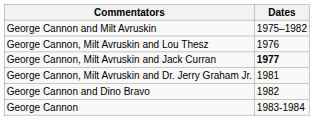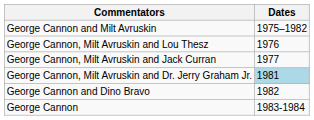 <table class="wikitable" style="font-size:95%;">
 <tr>
 <th>Commentators</th>
 <th>Dates</th>
 </tr>
 <tr>
 <td>George Cannon and Milt Avruskin</td>
 <td>1975–1982</td>
 </tr>
 <tr>
 <td>George Cannon, Milt Avruskin and Lou Thesz</td>
 <td>1976</td>
 </tr>
 <tr>
 <td>George Cannon, Milt Avruskin and Jack Curran</td>
-<td><strong>1977</strong></td>
+<td>1977</td>
 </tr>
 <tr>
 <td>George Cannon, Milt Avruskin and Dr. Jerry Graham Jr.</td>
-<td>1981</td>
+<td style="background: lightblue;">1981</td>
 </tr>
 <tr>
 <td>George Cannon and Dino Bravo</td>
 <td>1982</td>
 </tr>
 <tr>
 <td>George Cannon</td>
 <td>1983-1984</td>
 </tr>
 </table>
